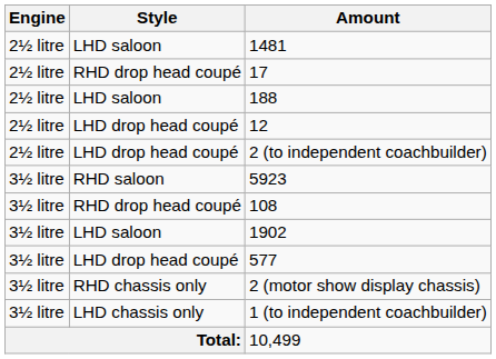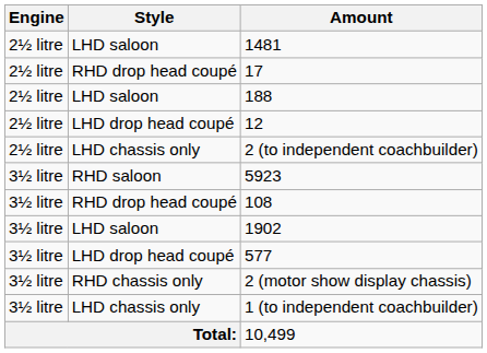 <table class="wikitable">
 <tr>
 <th>Engine</th>
 <th>Style</th>
 <th>Amount</th>
 </tr>
 <tr>
 <td>2½ litre</td>
 <td>LHD saloon</td>
 <td>1481</td>
 </tr>
 <tr>
 <td>2½ litre</td>
 <td>RHD drop head coupé</td>
 <td>17</td>
 </tr>
 <tr>
 <td>2½ litre</td>
 <td>LHD saloon</td>
 <td>188</td>
 </tr>
 <tr>
 <td>2½ litre</td>
 <td>LHD drop head coupé</td>
 <td>12</td>
 </tr>
 <tr>
 <td>2½ litre</td>
-<td>LHD drop head coupé</td>
+<td>LHD chassis only</td>
 <td>2 (to independent coachbuilder)</td>
 </tr>
 <tr>
 <td>3½ litre</td>
 <td>RHD saloon</td>
 <td>5923</td>
 </tr>
 <tr>
 <td>3½ litre</td>
 <td>RHD drop head coupé</td>
 <td>108</td>
 </tr>
 <tr>
 <td>3½ litre</td>
 <td>LHD saloon</td>
 <td>1902</td>
 </tr>
 <tr>
 <td>3½ litre</td>
 <td>LHD drop head coupé</td>
 <td>577</td>
 </tr>
 <tr>
 <td>3½ litre</td>
 <td>RHD chassis only</td>
 <td>2 (motor show display chassis)</td>
 </tr>
 <tr>
 <td>3½ litre</td>
 <td>LHD chassis only</td>
 <td>1 (to independent coachbuilder)</td>
 </tr>
 <tr>
 <th colspan=2 style="text-align:right">Total:</th>
 <td>10,499</td>
 </tr>
 </table>
